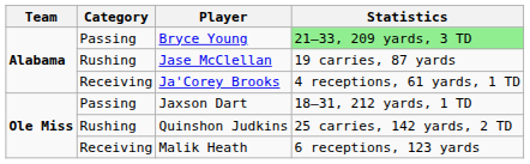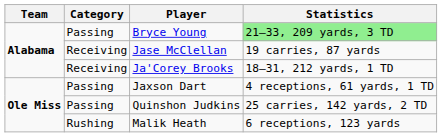 <table class="wikitable" style="float: right;">
 <tr>
 <th>Team</th>
 <th>Category</th>
 <th>Player</th>
 <th>Statistics</th>
 </tr>
 <tr>
 <td rowspan=3><strong>Alabama</strong></td>
 <td>Passing</td>
 <td><a href='#'>Bryce Young</a></td>
 <td style="background: lightgreen;">21–33, 209 yards, 3 TD</td>
 </tr>
 <tr>
-<td>Rushing</td>
+<td>Receiving</td>
 <td><a href='#'>Jase McClellan</a></td>
 <td>19 carries, 87 yards</td>
 </tr>
 <tr>
 <td>Receiving</td>
 <td><a href='#'>Ja'Corey Brooks</a></td>
-<td>4 receptions, 61 yards, 1 TD</td>
+<td>18–31, 212 yards, 1 TD</td>
 </tr>
 <tr>
 <td rowspan=3><strong>Ole Miss</strong></td>
 <td>Passing</td>
 <td>Jaxson Dart</td>
-<td>18–31, 212 yards, 1 TD</td>
+<td>4 receptions, 61 yards, 1 TD</td>
 </tr>
 <tr>
-<td>Rushing</td>
+<td>Passing</td>
 <td>Quinshon Judkins</td>
 <td>25 carries, 142 yards, 2 TD</td>
 </tr>
 <tr>
-<td>Receiving</td>
+<td>Rushing</td>
 <td>Malik Heath</td>
 <td>6 receptions, 123 yards</td>
 </tr>
 </table>
